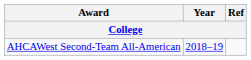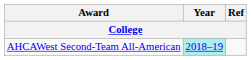 <table class="wikitable">
 <tr>
 <th>Award</th>
 <th>Year</th>
 <th>Ref</th>
 </tr>
 <tr>
 <th colspan="3"><a href='#'>College</a></th>
 </tr>
 <tr>
 <td><a href='#'>AHCAWest Second-Team All-American</a></td>
-<td><a href='#'>2018–19</a></td>
+<td style="background: paleturquoise;"><a href='#'>2018–19</a></td>
 <td></td>
 </tr>
 </table>
